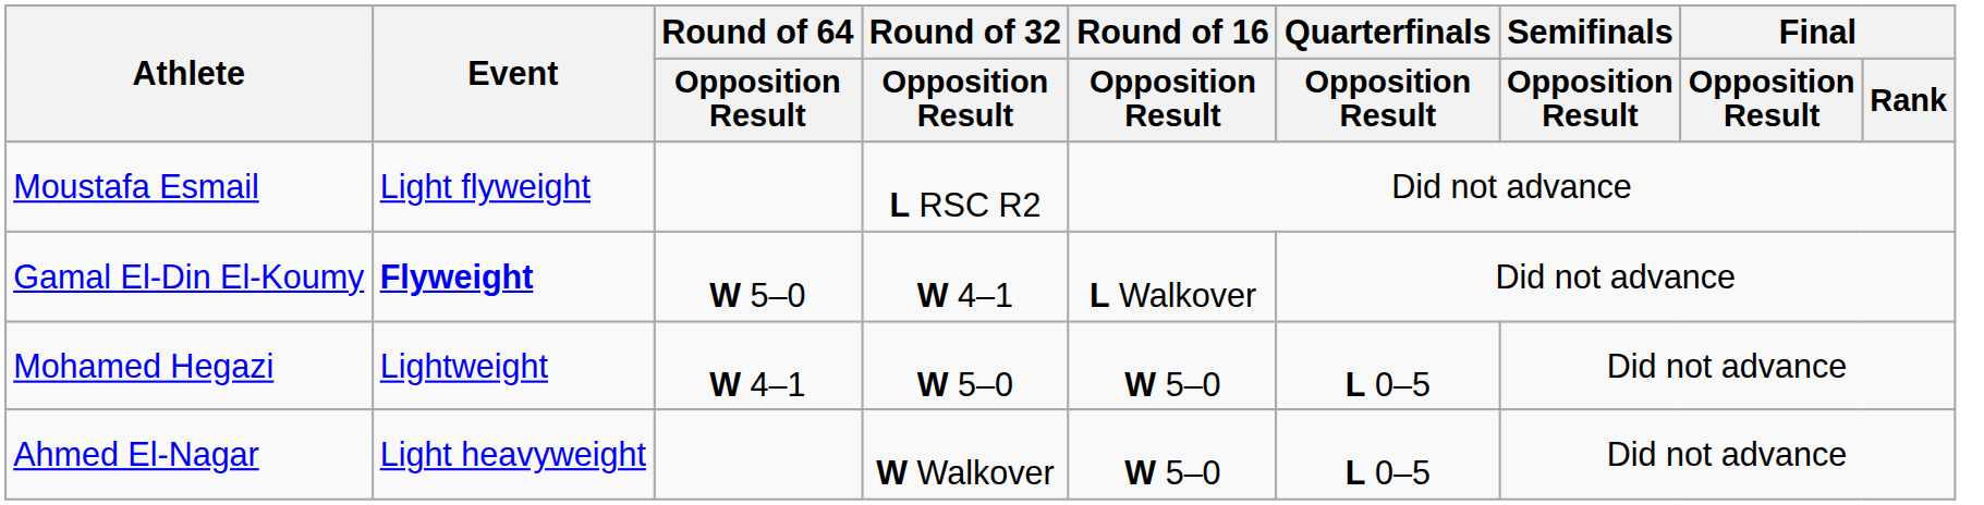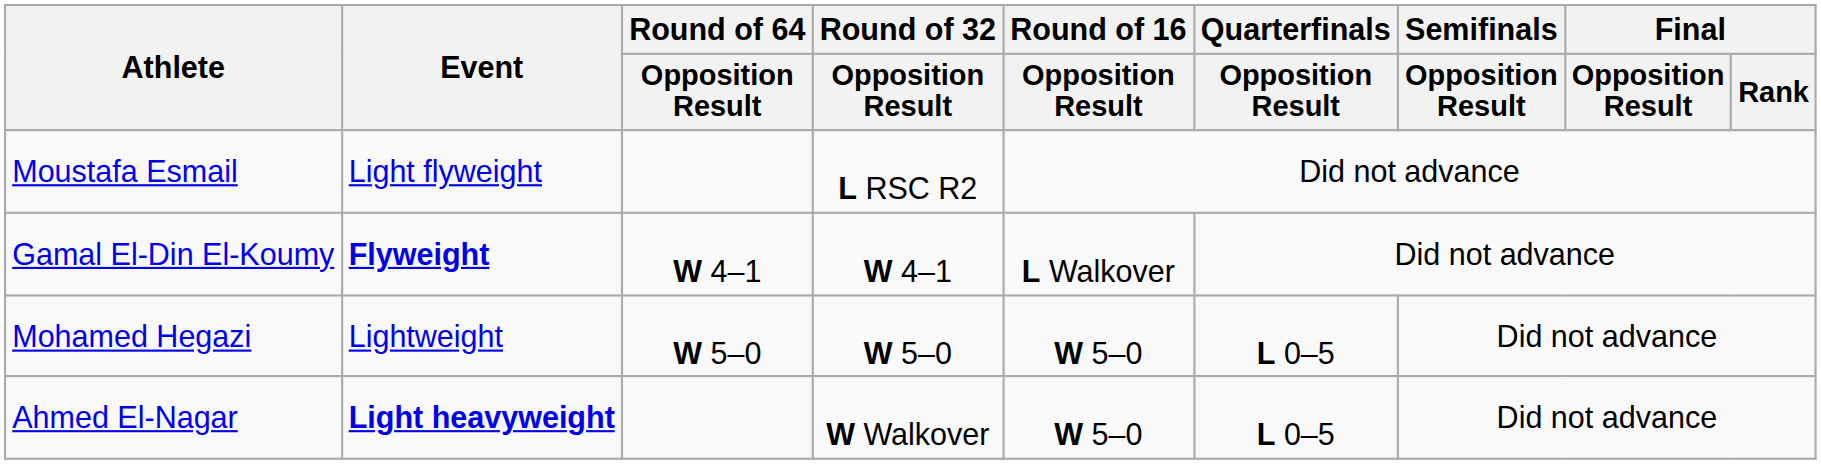 <table class="wikitable" style="font-size:90%">
 <tr>
 <th rowspan="2">Athlete</th>
 <th rowspan="2">Event</th>
 <th>Round of 64</th>
 <th>Round of 32</th>
 <th>Round of 16</th>
 <th>Quarterfinals</th>
 <th>Semifinals</th>
 <th colspan=2>Final</th>
 </tr>
 <tr style="font-size:95%">
 <th>Opposition<br>Result</th>
 <th>Opposition<br>Result</th>
 <th>Opposition<br>Result</th>
 <th>Opposition<br>Result</th>
 <th>Opposition<br>Result</th>
 <th>Opposition<br>Result</th>
 <th>Rank</th>
 </tr>
 <tr align=center>
 <td align=left><a href='#'>Moustafa Esmail</a></td>
 <td align=left><a href='#'>Light flyweight</a></td>
 <td></td>
 <td><br><strong>L</strong> RSC R2</td>
 <td colspan=5>Did not advance</td>
 </tr>
 <tr align=center>
 <td align=left><a href='#'>Gamal El-Din El-Koumy</a></td>
 <td align=left><strong><a href='#'>Flyweight</a></strong></td>
-<td><br><strong>W</strong> 5–0</td>
+<td><br><strong>W</strong> 4–1</td>
 <td><br><strong>W</strong> 4–1</td>
 <td><br><strong>L</strong> Walkover</td>
 <td colspan=4>Did not advance</td>
 </tr>
 <tr align=center>
 <td align=left><a href='#'>Mohamed Hegazi</a></td>
 <td align=left><a href='#'>Lightweight</a></td>
-<td><br><strong>W</strong> 4–1</td>
+<td><br><strong>W</strong> 5–0</td>
 <td><br><strong>W</strong> 5–0</td>
 <td><br><strong>W</strong> 5–0</td>
 <td><br><strong>L</strong> 0–5</td>
 <td colspan=3>Did not advance</td>
 </tr>
 <tr align=center>
 <td align=left><a href='#'>Ahmed El-Nagar</a></td>
-<td align=left><a href='#'>Light heavyweight</a></td>
+<td align=left><strong><a href='#'>Light heavyweight</a></strong></td>
 <td></td>
 <td><br><strong>W</strong> Walkover</td>
 <td><br><strong>W</strong> 5–0</td>
 <td><br><strong>L</strong> 0–5</td>
 <td colspan=3>Did not advance</td>
 </tr>
 </table>
